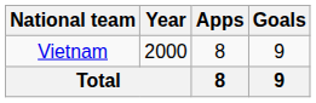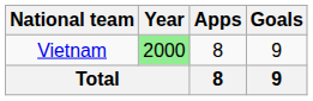 <table class="wikitable" style="text-align:center">
 <tr>
 <th>National team</th>
 <th>Year</th>
 <th>Apps</th>
 <th>Goals</th>
 </tr>
 <tr>
 <td rowspan="1"><a href='#'>Vietnam</a></td>
-<td>2000</td>
+<td style="background: lightgreen;">2000</td>
 <td>8</td>
 <td>9</td>
 </tr>
 <tr>
 <th colspan=2>Total</th>
 <th>8</th>
 <th>9</th>
 </tr>
 </table>
